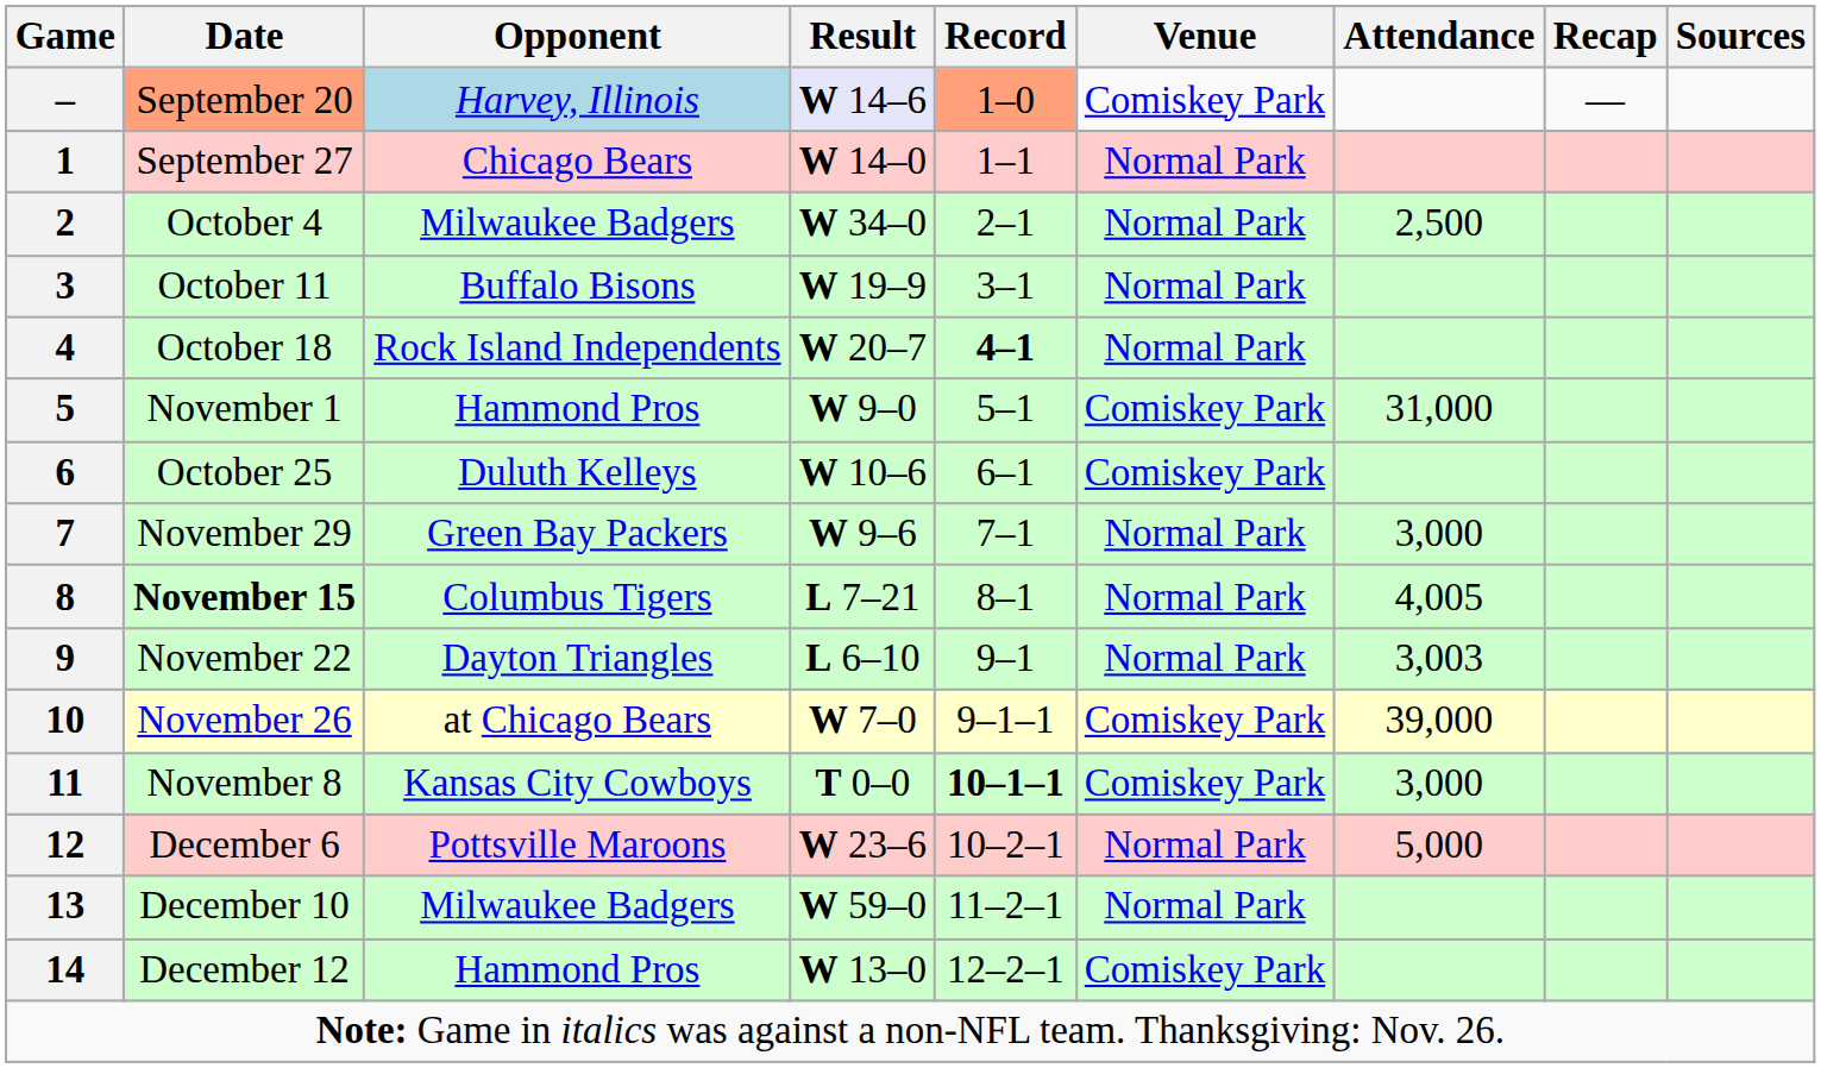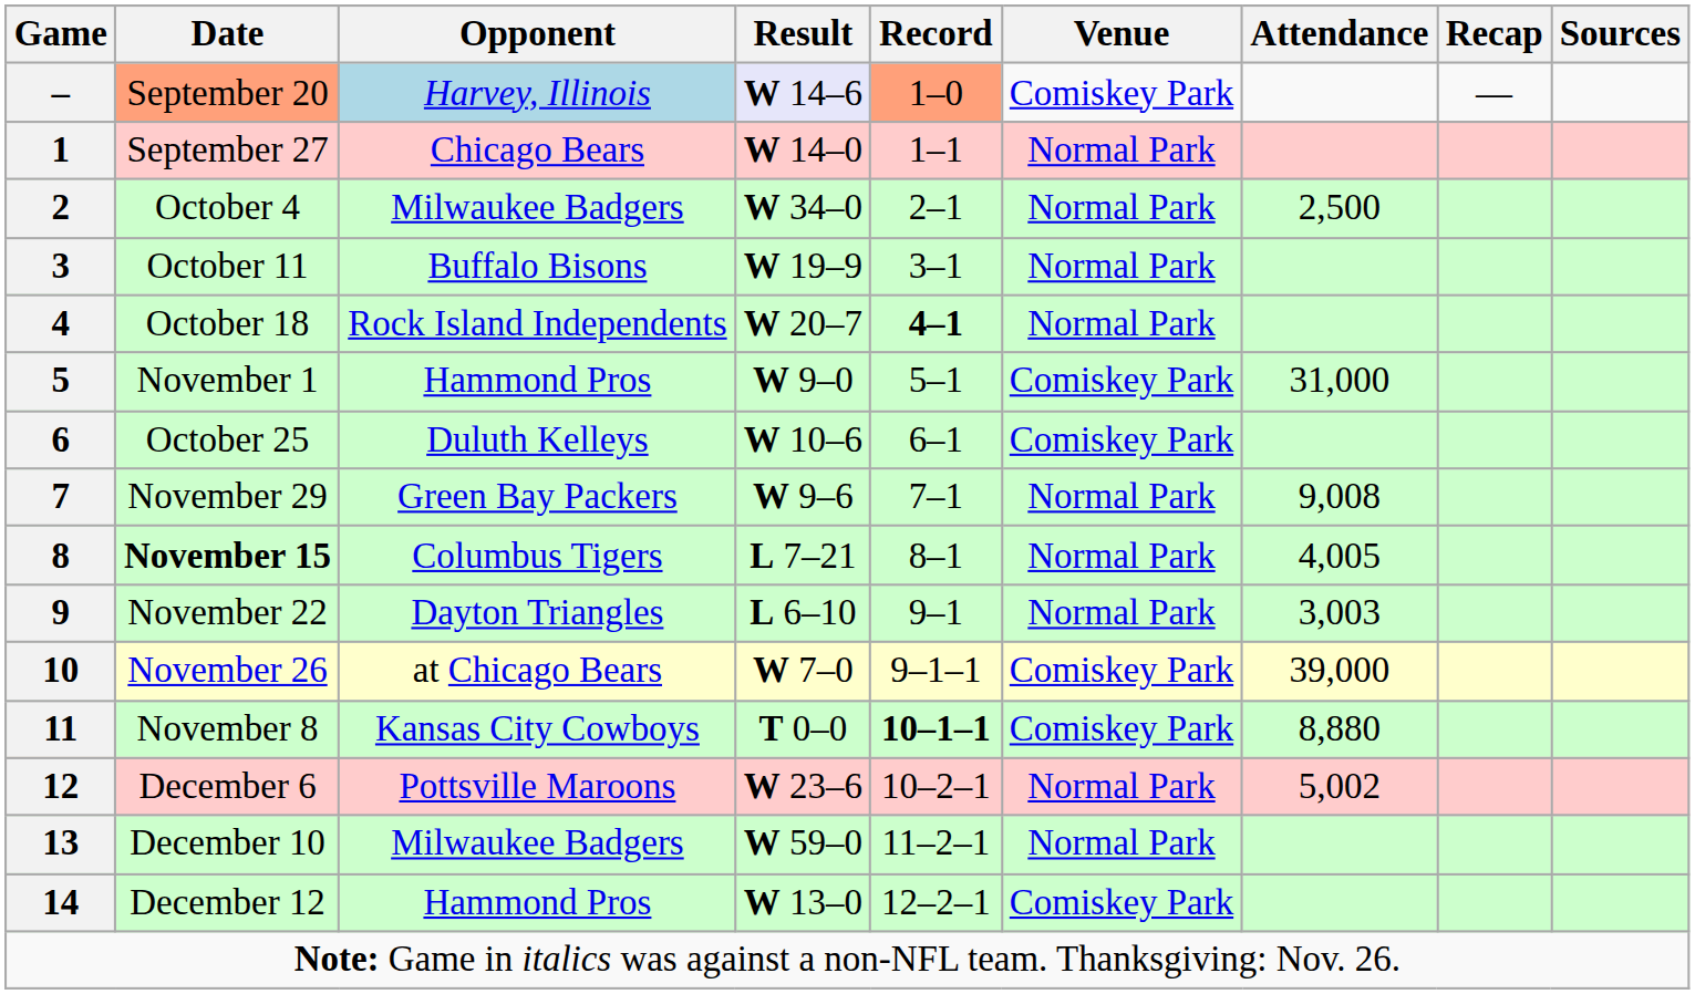 <table class="wikitable" style="text-align:center">
 <tr>
 <th>Game</th>
 <th>Date</th>
 <th>Opponent</th>
 <th>Result</th>
 <th>Record</th>
 <th>Venue</th>
 <th>Attendance</th>
 <th>Recap</th>
 <th>Sources</th>
 </tr>
 <tr>
 <th>–</th>
 <td style="background: lightsalmon;">September 20</td>
 <td style="background: lightblue;"><em><a href='#'>Harvey, Illinois</a></em></td>
 <td style="background: lavender;"><strong>W</strong> 14–6</td>
 <td style="background: lightsalmon;">1–0</td>
 <td><a href='#'>Comiskey Park</a></td>
 <td></td>
 <td>—</td>
 <td></td>
 </tr>
 <tr style="background:#fcc">
 <th>1</th>
 <td>September 27</td>
 <td><a href='#'>Chicago Bears</a></td>
 <td><strong>W</strong> 14–0</td>
 <td>1–1</td>
 <td><a href='#'>Normal Park</a></td>
 <td></td>
 <td></td>
 <td></td>
 </tr>
 <tr style="background:#cfc">
 <th>2</th>
 <td>October 4</td>
 <td><a href='#'>Milwaukee Badgers</a></td>
 <td><strong>W</strong> 34–0</td>
 <td>2–1</td>
 <td><a href='#'>Normal Park</a></td>
 <td>2,500</td>
 <td></td>
 <td></td>
 </tr>
 <tr style="background:#cfc">
 <th>3</th>
 <td>October 11</td>
 <td><a href='#'>Buffalo Bisons</a></td>
 <td><strong>W</strong> 19–9</td>
 <td>3–1</td>
 <td><a href='#'>Normal Park</a></td>
 <td></td>
 <td></td>
 <td></td>
 </tr>
 <tr style="background:#cfc">
 <th>4</th>
 <td>October 18</td>
 <td><a href='#'>Rock Island Independents</a></td>
 <td><strong>W</strong> 20–7</td>
 <td><strong>4–1</strong></td>
 <td><a href='#'>Normal Park</a></td>
 <td></td>
 <td></td>
 <td></td>
 </tr>
 <tr style="background:#cfc">
 <th>5</th>
 <td>November 1</td>
 <td><a href='#'>Hammond Pros</a></td>
 <td><strong>W</strong> 9–0</td>
 <td>5–1</td>
 <td><a href='#'>Comiskey Park</a></td>
 <td>31,000</td>
 <td></td>
 <td></td>
 </tr>
 <tr style="background:#cfc">
 <th>6</th>
 <td>October 25</td>
 <td><a href='#'>Duluth Kelleys</a></td>
 <td><strong>W</strong> 10–6</td>
 <td>6–1</td>
 <td><a href='#'>Comiskey Park</a></td>
 <td></td>
 <td></td>
 <td></td>
 </tr>
 <tr style="background:#cfc">
 <th>7</th>
 <td>November 29</td>
 <td><a href='#'>Green Bay Packers</a></td>
 <td><strong>W</strong> 9–6</td>
 <td>7–1</td>
 <td><a href='#'>Normal Park</a></td>
-<td>3,000</td>
+<td>9,008</td>
 <td></td>
 <td></td>
 </tr>
 <tr style="background:#cfc">
 <th>8</th>
 <td><strong>November 15</strong></td>
 <td><a href='#'>Columbus Tigers</a></td>
 <td><strong>L</strong> 7–21</td>
 <td>8–1</td>
 <td><a href='#'>Normal Park</a></td>
 <td>4,005</td>
 <td></td>
 <td></td>
 </tr>
 <tr style="background:#cfc">
 <th>9</th>
 <td>November 22</td>
 <td><a href='#'>Dayton Triangles</a></td>
 <td><strong>L</strong> 6–10</td>
 <td>9–1</td>
 <td><a href='#'>Normal Park</a></td>
 <td>3,003</td>
 <td></td>
 <td></td>
 </tr>
 <tr style="background:#ffc">
 <th>10</th>
 <td><a href='#'>November 26</a></td>
 <td>at <a href='#'>Chicago Bears</a></td>
 <td><strong>W</strong> 7–0</td>
 <td>9–1–1</td>
 <td><a href='#'>Comiskey Park</a></td>
 <td>39,000</td>
 <td></td>
 <td></td>
 </tr>
 <tr style="background:#cfc">
 <th>11</th>
 <td>November 8</td>
 <td><a href='#'>Kansas City Cowboys</a></td>
 <td><strong>T</strong> 0–0</td>
 <td><strong>10–1–1</strong></td>
 <td><a href='#'>Comiskey Park</a></td>
-<td>3,000</td>
+<td>8,880</td>
 <td></td>
 <td></td>
 </tr>
 <tr style="background:#fcc">
 <th>12</th>
 <td>December 6</td>
 <td><a href='#'>Pottsville Maroons</a></td>
 <td><strong>W</strong> 23–6</td>
 <td>10–2–1</td>
 <td><a href='#'>Normal Park</a></td>
-<td>5,000</td>
+<td>5,002</td>
 <td></td>
 <td></td>
 </tr>
 <tr style="background:#cfc">
 <th>13</th>
 <td>December 10</td>
 <td><a href='#'>Milwaukee Badgers</a></td>
 <td><strong>W</strong> 59–0</td>
 <td>11–2–1</td>
 <td><a href='#'>Normal Park</a></td>
 <td></td>
 <td></td>
 <td></td>
 </tr>
 <tr style="background:#cfc">
 <th>14</th>
 <td>December 12</td>
 <td><a href='#'>Hammond Pros</a></td>
 <td><strong>W</strong> 13–0</td>
 <td>12–2–1</td>
 <td><a href='#'>Comiskey Park</a></td>
 <td></td>
 <td></td>
 <td></td>
 </tr>
 <tr>
 <td colspan="10"><strong>Note:</strong> Game in <em>italics</em> was against a non-NFL team. Thanksgiving: Nov. 26.</td>
 </tr>
 </table>
